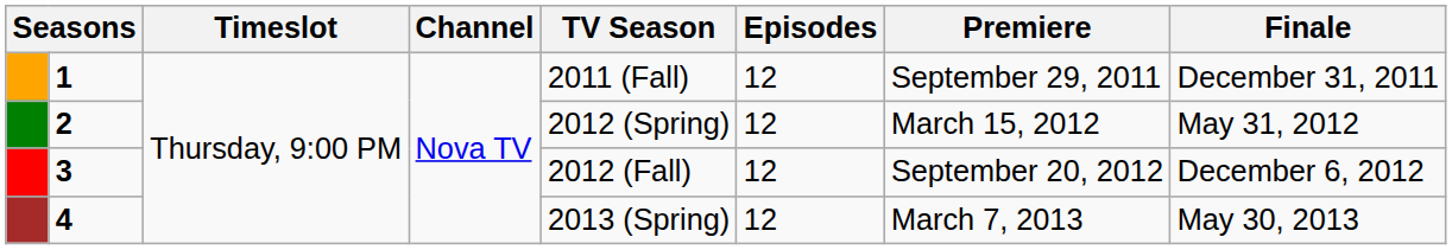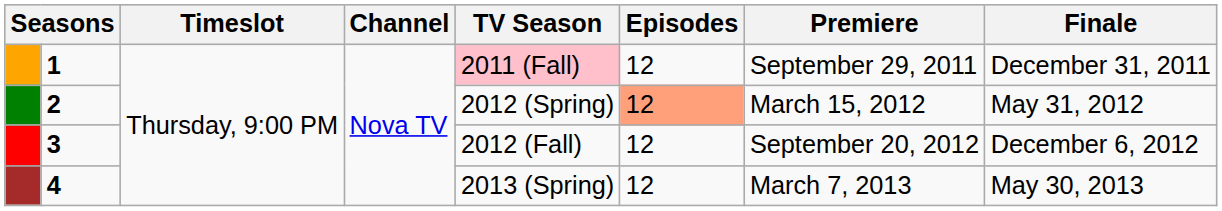 <table class="wikitable">
 <tr>
 <th colspan="2">Seasons</th>
 <th>Timeslot</th>
 <th>Channel</th>
 <th>TV Season</th>
 <th>Episodes</th>
 <th>Premiere</th>
 <th>Finale</th>
 </tr>
 <tr>
 <td bgcolor="orange" 1 height="10px"></td>
 <td><strong>1</strong></td>
 <td rowspan="4">Thursday, 9:00 PM</td>
 <td rowspan="4"><a href='#'>Nova TV</a></td>
-<td>2011 (Fall)</td>
+<td style="background: pink;">2011 (Fall)</td>
 <td>12</td>
 <td>September 29, 2011</td>
 <td>December 31, 2011</td>
 </tr>
 <tr>
 <td bgcolor="green" 1 height="10px"></td>
 <td><strong>2</strong></td>
 <td>2012 (Spring)</td>
-<td>12</td>
+<td style="background: lightsalmon;">12</td>
 <td>March 15, 2012</td>
 <td>May 31, 2012</td>
 </tr>
 <tr>
 <td bgcolor="red" 1 height="10px"></td>
 <td><strong>3</strong></td>
 <td>2012 (Fall)</td>
 <td>12</td>
 <td>September 20, 2012</td>
 <td>December 6, 2012</td>
 </tr>
 <tr>
 <td bgcolor="brown" 1 height="10px"></td>
 <td><strong>4</strong></td>
 <td>2013 (Spring)</td>
 <td>12</td>
 <td>March 7, 2013</td>
 <td>May 30, 2013</td>
 </tr>
 </table>
